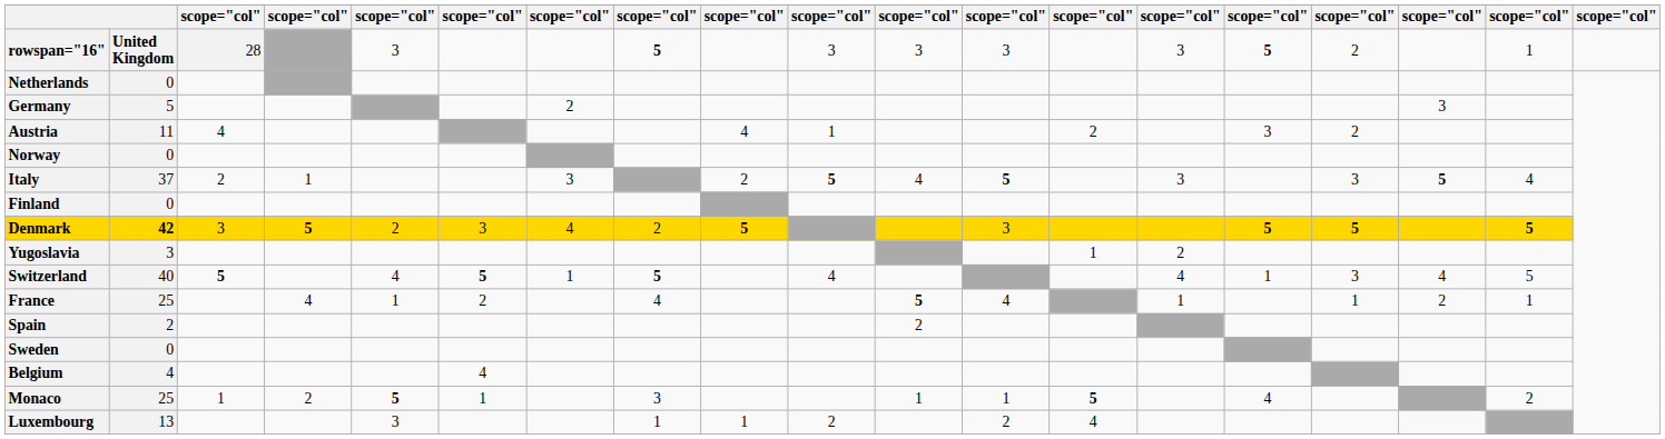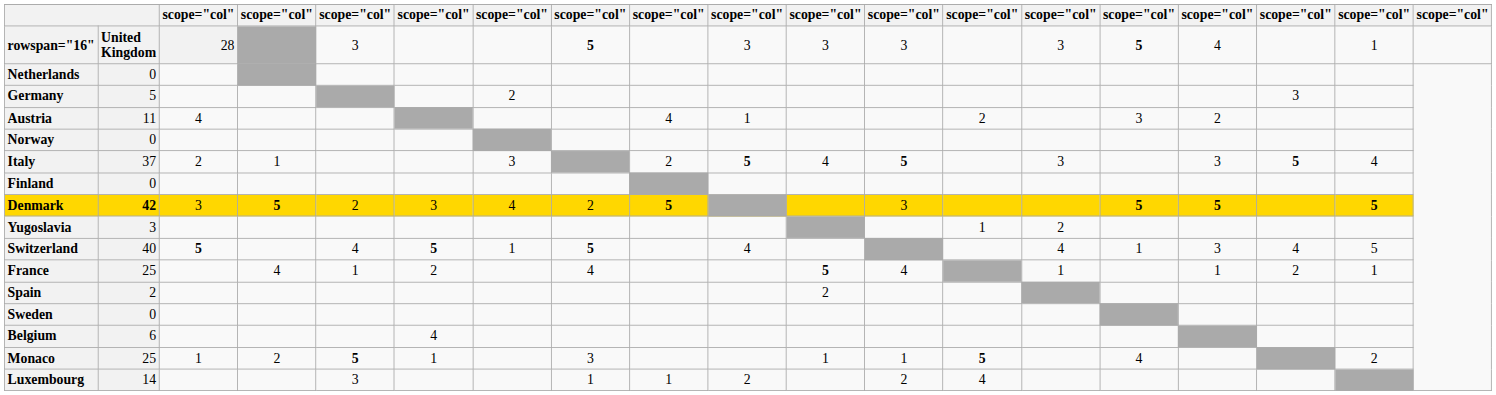 <table class="wikitable plainrowheaders" style="text-align:center;">
 <tr>
 </tr>
 <tr>
 <th colspan="2"></th>
 <th>scope="col" </th>
 <th>scope="col" </th>
 <th>scope="col" </th>
 <th>scope="col" </th>
 <th>scope="col" </th>
 <th>scope="col" </th>
 <th>scope="col" </th>
 <th>scope="col" </th>
 <th>scope="col" </th>
 <th>scope="col" </th>
 <th>scope="col" </th>
 <th>scope="col" </th>
 <th>scope="col" </th>
 <th>scope="col" </th>
 <th>scope="col" </th>
 <th>scope="col" </th>
 <th>scope="col" </th>
 </tr>
 <tr>
 <th>rowspan="16" </th>
 <th scope="row" style="text-align:left; background:#f2f2f2;">United Kingdom</th>
 <td style="text-align:right; background:#f2f2f2;">28</td>
 <td style="text-align:left; background-color:#aaa"></td>
 <td>3</td>
 <td></td>
 <td></td>
 <td><strong>5</strong></td>
 <td></td>
 <td>3</td>
 <td>3</td>
 <td>3</td>
 <td></td>
 <td>3</td>
 <td><strong>5</strong></td>
-<td>2</td>
+<td>4</td>
 <td></td>
 <td>1</td>
 <td></td>
 </tr>
 <tr>
 <th scope="row" style="text-align:left; background:#f2f2f2;">Netherlands</th>
 <td style="text-align:right; background:#f2f2f2;">0</td>
 <td></td>
 <td style="text-align:left; background-color:#aaa"></td>
 <td></td>
 <td></td>
 <td></td>
 <td></td>
 <td></td>
 <td></td>
 <td></td>
 <td></td>
 <td></td>
 <td></td>
 <td></td>
 <td></td>
 <td></td>
 <td></td>
 </tr>
 <tr>
 <th scope="row" style="text-align:left; background:#f2f2f2;">Germany</th>
 <td style="text-align:right; background:#f2f2f2;">5</td>
 <td></td>
 <td></td>
 <td style="text-align:left; background-color:#aaa"></td>
 <td></td>
 <td>2</td>
 <td></td>
 <td></td>
 <td></td>
 <td></td>
 <td></td>
 <td></td>
 <td></td>
 <td></td>
 <td></td>
 <td>3</td>
 <td></td>
 </tr>
 <tr>
 <th scope="row" style="text-align:left; background:#f2f2f2;">Austria</th>
 <td style="text-align:right; background:#f2f2f2;">11</td>
 <td>4</td>
 <td></td>
 <td></td>
 <td style="text-align:left; background-color:#aaa"></td>
 <td></td>
 <td></td>
 <td>4</td>
 <td>1</td>
 <td></td>
 <td></td>
 <td>2</td>
 <td></td>
 <td>3</td>
 <td>2</td>
 <td></td>
 <td></td>
 </tr>
 <tr>
 <th scope="row" style="text-align:left; background:#f2f2f2;">Norway</th>
 <td style="text-align:right; background:#f2f2f2;">0</td>
 <td></td>
 <td></td>
 <td></td>
 <td></td>
 <td style="text-align:left; background-color:#aaa"></td>
 <td></td>
 <td></td>
 <td></td>
 <td></td>
 <td></td>
 <td></td>
 <td></td>
 <td></td>
 <td></td>
 <td></td>
 <td></td>
 </tr>
 <tr>
 <th scope="row" style="text-align:left; background:#f2f2f2;">Italy</th>
 <td style="text-align:right; background:#f2f2f2;">37</td>
 <td>2</td>
 <td>1</td>
 <td></td>
 <td></td>
 <td>3</td>
 <td style="text-align:left; background-color:#aaa"></td>
 <td>2</td>
 <td><strong>5</strong></td>
 <td>4</td>
 <td><strong>5</strong></td>
 <td></td>
 <td>3</td>
 <td></td>
 <td>3</td>
 <td><strong>5</strong></td>
 <td>4</td>
 </tr>
 <tr>
 <th scope="row" style="text-align:left; background:#f2f2f2;">Finland</th>
 <td style="text-align:right; background:#f2f2f2;">0</td>
 <td></td>
 <td></td>
 <td></td>
 <td></td>
 <td></td>
 <td></td>
 <td style="text-align:left; background-color:#aaa"></td>
 <td></td>
 <td></td>
 <td></td>
 <td></td>
 <td></td>
 <td></td>
 <td></td>
 <td></td>
 <td></td>
 </tr>
 <tr style="background:gold;">
 <th scope="row" style="text-align:left; font-weight:bold; background:gold;">Denmark</th>
 <td style="text-align:right; font-weight:bold;">42</td>
 <td>3</td>
 <td><strong>5</strong></td>
 <td>2</td>
 <td>3</td>
 <td>4</td>
 <td>2</td>
 <td><strong>5</strong></td>
 <td style="text-align:left; background-color:#aaa"></td>
 <td></td>
 <td>3</td>
 <td></td>
 <td></td>
 <td><strong>5</strong></td>
 <td><strong>5</strong></td>
 <td></td>
 <td><strong>5</strong></td>
 </tr>
 <tr>
 <th scope="row" style="text-align:left; background:#f2f2f2;">Yugoslavia</th>
 <td style="text-align:right; background:#f2f2f2;">3</td>
 <td></td>
 <td></td>
 <td></td>
 <td></td>
 <td></td>
 <td></td>
 <td></td>
 <td></td>
 <td style="text-align:left; background-color:#aaa"></td>
 <td></td>
 <td>1</td>
 <td>2</td>
 <td></td>
 <td></td>
 <td></td>
 <td></td>
 </tr>
 <tr>
 <th scope="row" style="text-align:left; background:#f2f2f2;">Switzerland</th>
 <td style="text-align:right; background:#f2f2f2;">40</td>
 <td><strong>5</strong></td>
 <td></td>
 <td>4</td>
 <td><strong>5</strong></td>
 <td>1</td>
 <td><strong>5</strong></td>
 <td></td>
 <td>4</td>
 <td></td>
 <td style="text-align:left; background-color:#aaa"></td>
 <td></td>
 <td>4</td>
 <td>1</td>
 <td>3</td>
 <td>4</td>
 <td>5</td>
 </tr>
 <tr>
 <th scope="row" style="text-align:left; background:#f2f2f2;">France</th>
 <td style="text-align:right; background:#f2f2f2;">25</td>
 <td></td>
 <td>4</td>
 <td>1</td>
 <td>2</td>
 <td></td>
 <td>4</td>
 <td></td>
 <td></td>
 <td><strong>5</strong></td>
 <td>4</td>
 <td style="text-align:left; background-color:#aaa"></td>
 <td>1</td>
 <td></td>
 <td>1</td>
 <td>2</td>
 <td>1</td>
 </tr>
 <tr>
 <th scope="row" style="text-align:left; background:#f2f2f2;">Spain</th>
 <td style="text-align:right; background:#f2f2f2;">2</td>
 <td></td>
 <td></td>
 <td></td>
 <td></td>
 <td></td>
 <td></td>
 <td></td>
 <td></td>
 <td>2</td>
 <td></td>
 <td></td>
 <td style="text-align:left; background-color:#aaa"></td>
 <td></td>
 <td></td>
 <td></td>
 <td></td>
 </tr>
 <tr>
 <th scope="row" style="text-align:left; background:#f2f2f2;">Sweden</th>
 <td style="text-align:right; background:#f2f2f2;">0</td>
 <td></td>
 <td></td>
 <td></td>
 <td></td>
 <td></td>
 <td></td>
 <td></td>
 <td></td>
 <td></td>
 <td></td>
 <td></td>
 <td></td>
 <td style="text-align:left; background-color:#aaa"></td>
 <td></td>
 <td></td>
 <td></td>
 </tr>
 <tr>
 <th scope="row" style="text-align:left; background:#f2f2f2;">Belgium</th>
-<td style="text-align:right; background:#f2f2f2;">4</td>
+<td style="text-align:right; background:#f2f2f2;">6</td>
 <td></td>
 <td></td>
 <td></td>
 <td>4</td>
 <td></td>
 <td></td>
 <td></td>
 <td></td>
 <td></td>
 <td></td>
 <td></td>
 <td></td>
 <td></td>
 <td style="text-align:left; background-color:#aaa"></td>
 <td></td>
 <td></td>
 </tr>
 <tr>
 <th scope="row" style="text-align:left; background:#f2f2f2;">Monaco</th>
 <td style="text-align:right; background:#f2f2f2;">25</td>
 <td>1</td>
 <td>2</td>
 <td><strong>5</strong></td>
 <td>1</td>
 <td></td>
 <td>3</td>
 <td></td>
 <td></td>
 <td>1</td>
 <td>1</td>
 <td><strong>5</strong></td>
 <td></td>
 <td>4</td>
 <td></td>
 <td style="text-align:left; background-color:#aaa"></td>
 <td>2</td>
 </tr>
 <tr>
 <th scope="row" style="text-align:left; background:#f2f2f2;">Luxembourg</th>
-<td style="text-align:right; background:#f2f2f2;">13</td>
+<td style="text-align:right; background:#f2f2f2;">14</td>
 <td></td>
 <td></td>
 <td>3</td>
 <td></td>
 <td></td>
 <td>1</td>
 <td>1</td>
 <td>2</td>
 <td></td>
 <td>2</td>
 <td>4</td>
 <td></td>
 <td></td>
 <td></td>
 <td></td>
 <td style="text-align:left; background-color:#aaa"></td>
 </tr>
 </table>
